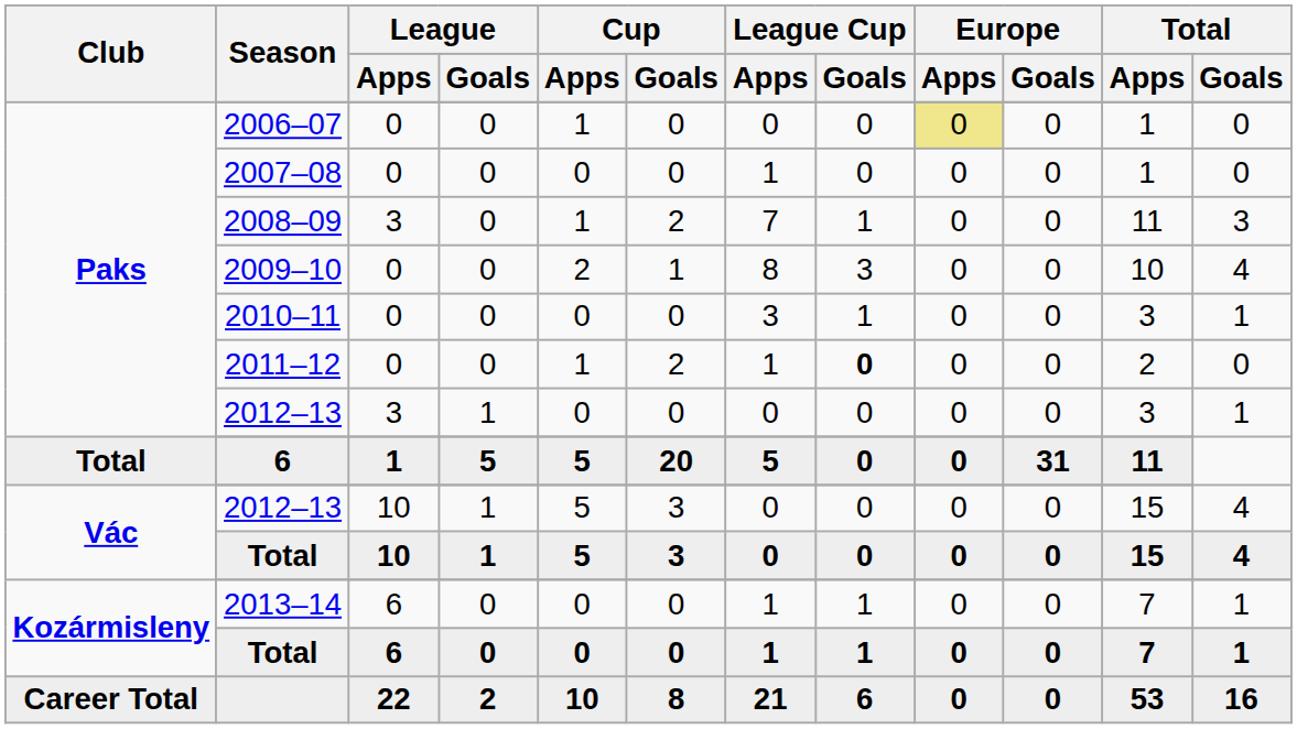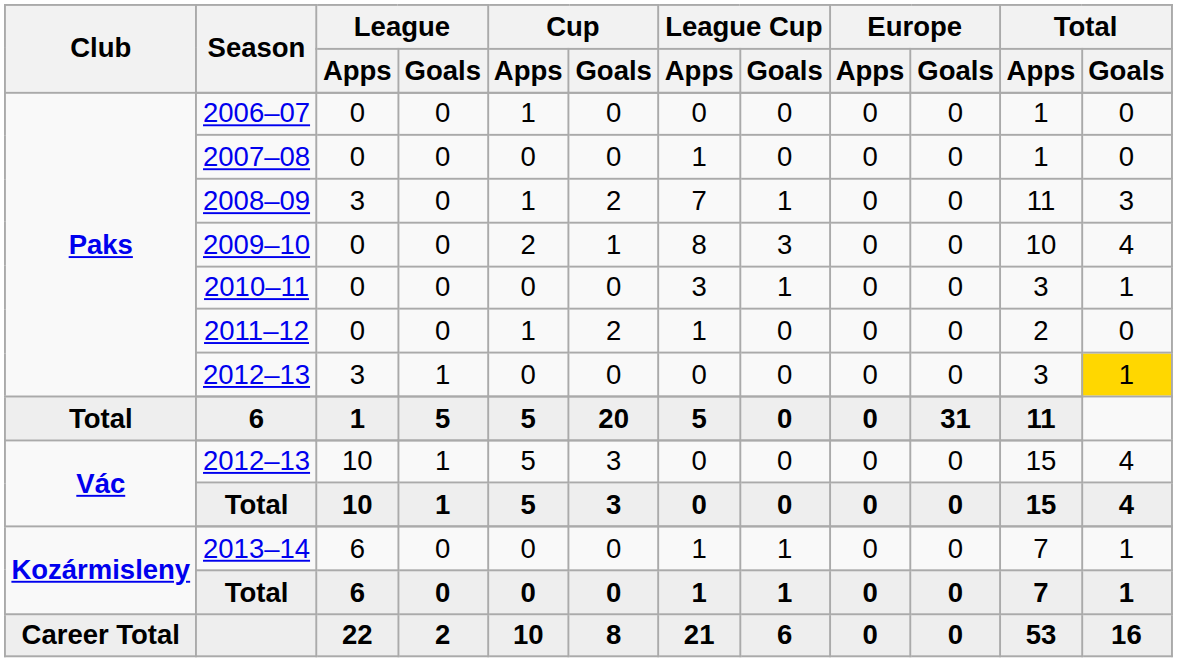 <table class="wikitable" style="font-size:90%; text-align: center;">
 <tr>
 <th rowspan="2">Club</th>
 <th rowspan="2">Season</th>
 <th colspan="2">League</th>
 <th colspan="2">Cup</th>
 <th colspan="2">League Cup</th>
 <th colspan="2">Europe</th>
 <th colspan="2">Total</th>
 </tr>
 <tr>
 <th>Apps</th>
 <th>Goals</th>
 <th>Apps</th>
 <th>Goals</th>
 <th>Apps</th>
 <th>Goals</th>
 <th>Apps</th>
 <th>Goals</th>
 <th>Apps</th>
 <th>Goals</th>
 </tr>
 <tr ||-||-||-|->
 <td rowspan="9" valign="center"><strong><a href='#'>Paks</a></strong></td>
 </tr>
 <tr>
 <td><a href='#'>2006–07</a></td>
 <td>0</td>
 <td>0</td>
 <td>1</td>
 <td>0</td>
 <td>0</td>
 <td>0</td>
-<td style="background: khaki;">0</td>
+<td>0</td>
 <td>0</td>
 <td>1</td>
 <td>0</td>
 </tr>
 <tr>
 <td><a href='#'>2007–08</a></td>
 <td>0</td>
 <td>0</td>
 <td>0</td>
 <td>0</td>
 <td>1</td>
 <td>0</td>
 <td>0</td>
 <td>0</td>
 <td>1</td>
 <td>0</td>
 </tr>
 <tr>
 <td><a href='#'>2008–09</a></td>
 <td>3</td>
 <td>0</td>
 <td>1</td>
 <td>2</td>
 <td>7</td>
 <td>1</td>
 <td>0</td>
 <td>0</td>
 <td>11</td>
 <td>3</td>
 </tr>
 <tr>
 <td><a href='#'>2009–10</a></td>
 <td>0</td>
 <td>0</td>
 <td>2</td>
 <td>1</td>
 <td>8</td>
 <td>3</td>
 <td>0</td>
 <td>0</td>
 <td>10</td>
 <td>4</td>
 </tr>
 <tr>
 <td><a href='#'>2010–11</a></td>
 <td>0</td>
 <td>0</td>
 <td>0</td>
 <td>0</td>
 <td>3</td>
 <td>1</td>
 <td>0</td>
 <td>0</td>
 <td>3</td>
 <td>1</td>
 </tr>
 <tr>
 <td><a href='#'>2011–12</a></td>
 <td>0</td>
 <td>0</td>
 <td>1</td>
 <td>2</td>
 <td>1</td>
-<td><strong>0</strong></td>
+<td>0</td>
 <td>0</td>
 <td>0</td>
 <td>2</td>
 <td>0</td>
 </tr>
 <tr>
 <td><a href='#'>2012–13</a></td>
 <td>3</td>
 <td>1</td>
 <td>0</td>
 <td>0</td>
 <td>0</td>
 <td>0</td>
 <td>0</td>
 <td>0</td>
 <td>3</td>
-<td>1</td>
+<td style="background: gold;">1</td>
 </tr>
 <tr>
 </tr>
 <tr style="font-weight:bold; background-color:#eeeeee;">
 <td>Total</td>
 <td>6</td>
 <td>1</td>
 <td>5</td>
 <td>5</td>
 <td>20</td>
 <td>5</td>
 <td>0</td>
 <td>0</td>
 <td>31</td>
 <td>11</td>
 </tr>
 <tr>
 <td rowspan="3" valign="center"><strong><a href='#'>Vác</a></strong></td>
 </tr>
 <tr>
 <td><a href='#'>2012–13</a></td>
 <td>10</td>
 <td>1</td>
 <td>5</td>
 <td>3</td>
 <td>0</td>
 <td>0</td>
 <td>0</td>
 <td>0</td>
 <td>15</td>
 <td>4</td>
 </tr>
 <tr style="font-weight:bold; background-color:#eeeeee;">
 <td>Total</td>
 <td>10</td>
 <td>1</td>
 <td>5</td>
 <td>3</td>
 <td>0</td>
 <td>0</td>
 <td>0</td>
 <td>0</td>
 <td>15</td>
 <td>4</td>
 </tr>
 <tr>
 <td rowspan="3" valign="center"><strong><a href='#'>Kozármisleny</a></strong></td>
 </tr>
 <tr>
 <td><a href='#'>2013–14</a></td>
 <td>6</td>
 <td>0</td>
 <td>0</td>
 <td>0</td>
 <td>1</td>
 <td>1</td>
 <td>0</td>
 <td>0</td>
 <td>7</td>
 <td>1</td>
 </tr>
 <tr style="font-weight:bold; background-color:#eeeeee;">
 <td>Total</td>
 <td>6</td>
 <td>0</td>
 <td>0</td>
 <td>0</td>
 <td>1</td>
 <td>1</td>
 <td>0</td>
 <td>0</td>
 <td>7</td>
 <td>1</td>
 </tr>
 <tr style="font-weight:bold; background-color:#eeeeee;">
 <td rowspan="2" valign="top"><strong>Career Total</strong></td>
 <td></td>
 <td><strong>22</strong></td>
 <td><strong>2</strong></td>
 <td><strong>10</strong></td>
 <td><strong>8</strong></td>
 <td><strong>21</strong></td>
 <td><strong>6</strong></td>
 <td><strong>0</strong></td>
 <td><strong>0</strong></td>
 <td><strong>53</strong></td>
 <td><strong>16</strong></td>
 </tr>
 </table>
